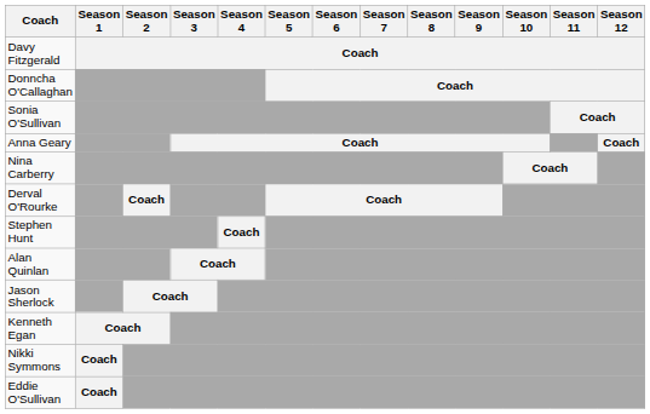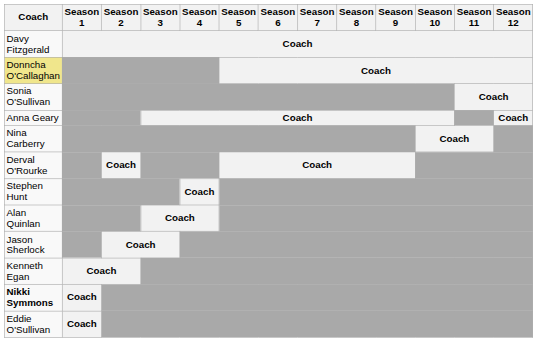 <table class="wikitable sortable" style="margin: auto; text-align:">
 <tr>
 <th>Coach</th>
 <th>Season 1</th>
 <th>Season 2</th>
 <th>Season 3</th>
 <th>Season 4</th>
 <th>Season 5</th>
 <th>Season 6</th>
 <th>Season 7</th>
 <th>Season 8</th>
 <th>Season 9</th>
 <th>Season 10</th>
 <th>Season 11</th>
 <th>Season 12</th>
 </tr>
 <tr>
 <td>Davy Fitzgerald</td>
 <th colspan="12"><strong>Coach</strong></th>
 </tr>
 <tr>
-<td>Donncha O'Callaghan</td>
+<td style="background: khaki;">Donncha O'Callaghan</td>
 <td colspan="4" bgcolor="darkgray"></td>
 <th colspan="8">Coach</th>
 </tr>
 <tr>
 <td>Sonia O'Sullivan</td>
 <td colspan="10" bgcolor="darkgray"></td>
 <th colspan="2">Coach</th>
 </tr>
 <tr>
 <td>Anna Geary</td>
 <td colspan="2" bgcolor="darkgray"></td>
 <th colspan="8">Coach</th>
 <td colspan="1" bgcolor="darkgray"></td>
 <th>Coach</th>
 </tr>
 <tr>
 <td>Nina Carberry</td>
 <td colspan="9" bgcolor="darkgray"></td>
 <th colspan="2">Coach</th>
 <td colspan="1" bgcolor="darkgray"></td>
 </tr>
 <tr>
 <td>Derval O'Rourke</td>
 <td colspan="1" bgcolor="darkgray"></td>
 <th>Coach</th>
 <td colspan="2" bgcolor="darkgray"></td>
 <th colspan="5">Coach</th>
 <td colspan="3" bgcolor="darkgray"></td>
 </tr>
 <tr>
 <td>Stephen Hunt</td>
 <td colspan="3" bgcolor="darkgray"></td>
 <th>Coach</th>
 <td colspan="8" bgcolor="darkgray"></td>
 </tr>
 <tr>
 <td>Alan Quinlan</td>
 <td colspan="2" bgcolor="darkgray"></td>
 <th colspan="2">Coach</th>
 <td colspan="8" bgcolor="darkgray"></td>
 </tr>
 <tr>
 <td>Jason Sherlock</td>
 <td colspan="1" bgcolor="darkgray"></td>
 <th colspan="2">Coach</th>
 <td colspan="9" bgcolor="darkgray"></td>
 </tr>
 <tr>
 <td>Kenneth Egan</td>
 <th colspan="2">Coach</th>
 <td colspan="10" bgcolor="darkgray"></td>
 </tr>
 <tr>
-<td>Nikki Symmons</td>
+<td><strong>Nikki Symmons</strong></td>
 <th>Coach</th>
 <td colspan="11" bgcolor="darkgray"></td>
 </tr>
 <tr>
 <td>Eddie O'Sullivan</td>
 <th>Coach</th>
 <td colspan="11" bgcolor="darkgray"></td>
 </tr>
 </table>
